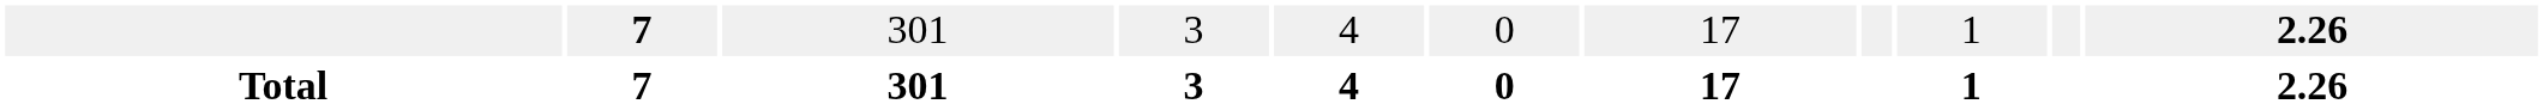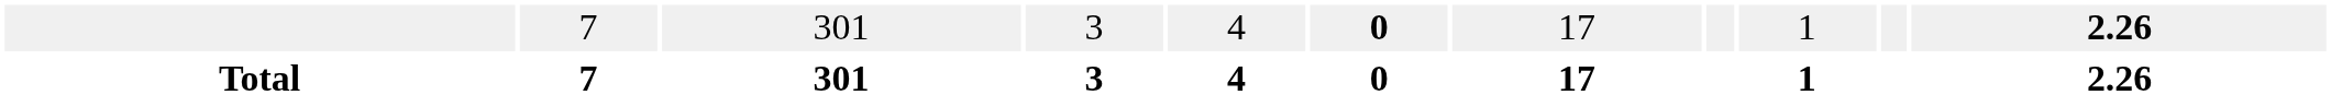 <table class="UMass Minutemen" width ="1000">
 <tr align="center">
 </tr>
 <tr align="center" bgcolor="f0f0f0">
 <td></td>
-<td><strong>7</strong></td>
+<td>7</td>
 <td>301</td>
 <td>3</td>
 <td>4</td>
-<td>0</td>
+<td><strong>0</strong></td>
 <td>17</td>
 <td></td>
 <td>1</td>
 <td></td>
 <td><strong>2.26</strong></td>
 </tr>
 <tr>
 <th>Total</th>
 <th>7</th>
 <th>301</th>
 <th>3</th>
 <th>4</th>
 <th>0</th>
 <th>17</th>
 <th></th>
 <th>1</th>
 <th></th>
 <th><strong>2.26</strong></th>
 </tr>
 </table>
